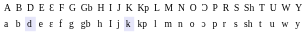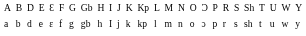 <table cellpadding="3">
 <tr>
 <td>A</td>
 <td>B</td>
 <td>D</td>
 <td>E</td>
 <td>Ɛ</td>
 <td>F</td>
 <td>G</td>
 <td>Gb</td>
 <td>H</td>
 <td>I</td>
 <td>J</td>
 <td>K</td>
 <td>Kp</td>
 <td>L</td>
 <td>M</td>
 <td>N</td>
 <td>O</td>
 <td>Ɔ</td>
 <td>P</td>
 <td>R</td>
 <td>S</td>
 <td>Sh</td>
 <td>T</td>
 <td>U</td>
 <td>W</td>
 <td>Y</td>
 </tr>
 <tr>
 <td>a</td>
 <td>b</td>
-<td style="background: lavender;">d</td>
+<td>d</td>
 <td>e</td>
 <td>ɛ</td>
 <td>f</td>
 <td>g</td>
 <td>gb</td>
 <td>h</td>
 <td>I</td>
 <td>j</td>
-<td style="background: lavender;">k</td>
+<td>k</td>
 <td>kp</td>
 <td>l</td>
 <td>m</td>
 <td>n</td>
 <td>o</td>
 <td>ɔ</td>
 <td>p</td>
 <td>r</td>
 <td>s</td>
 <td>sh</td>
 <td>t</td>
 <td>u</td>
 <td>w</td>
 <td>y</td>
 </tr>
 </table>
